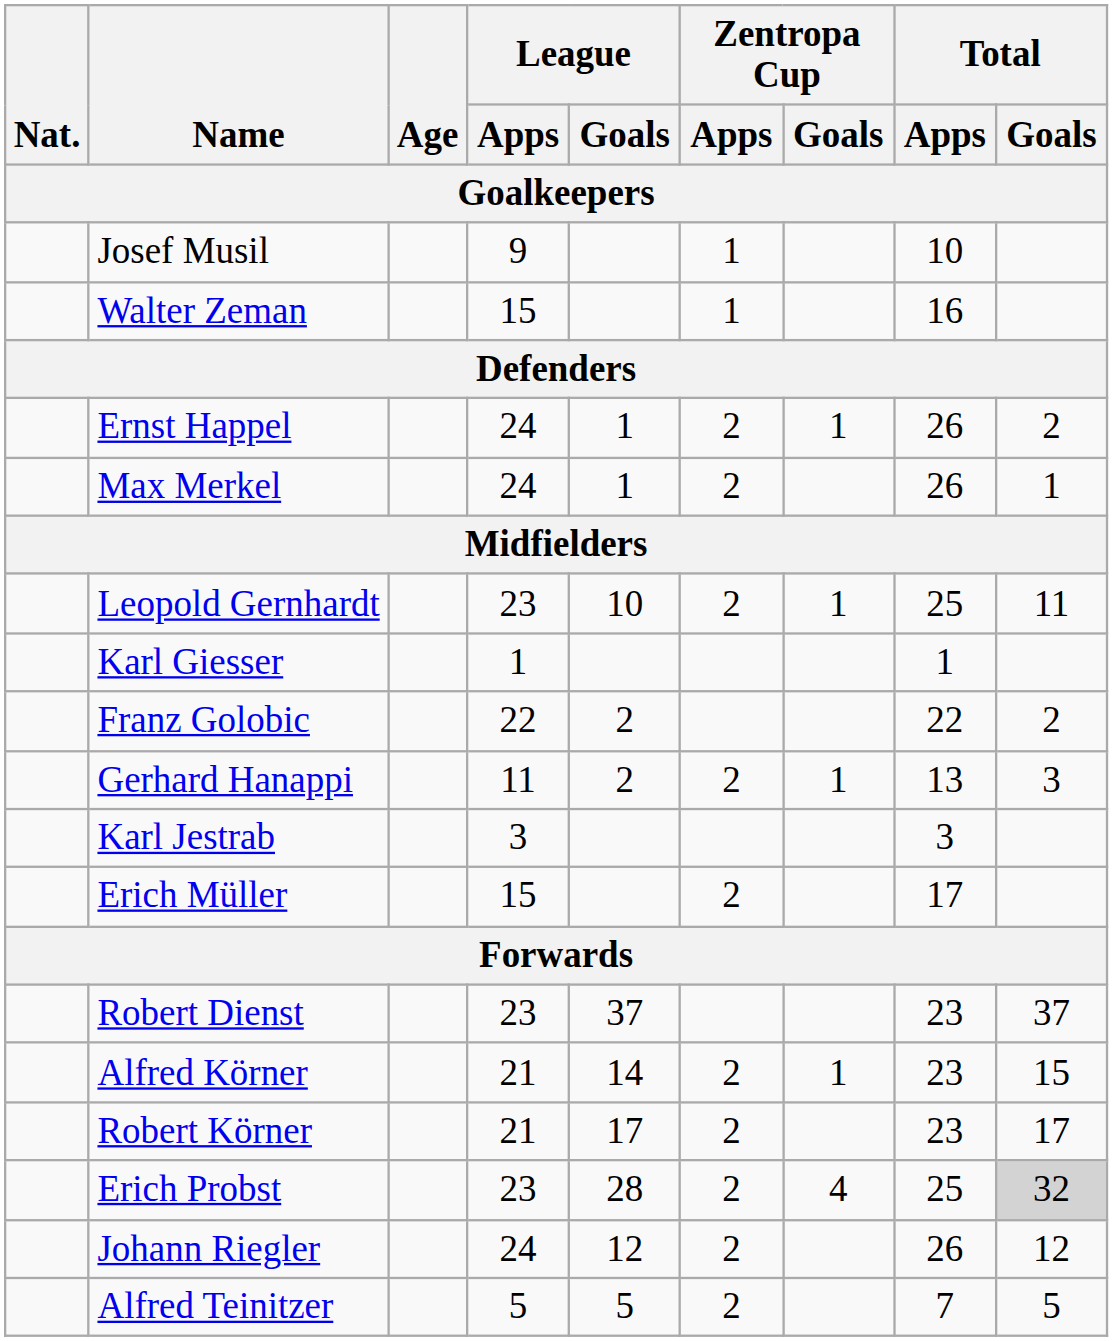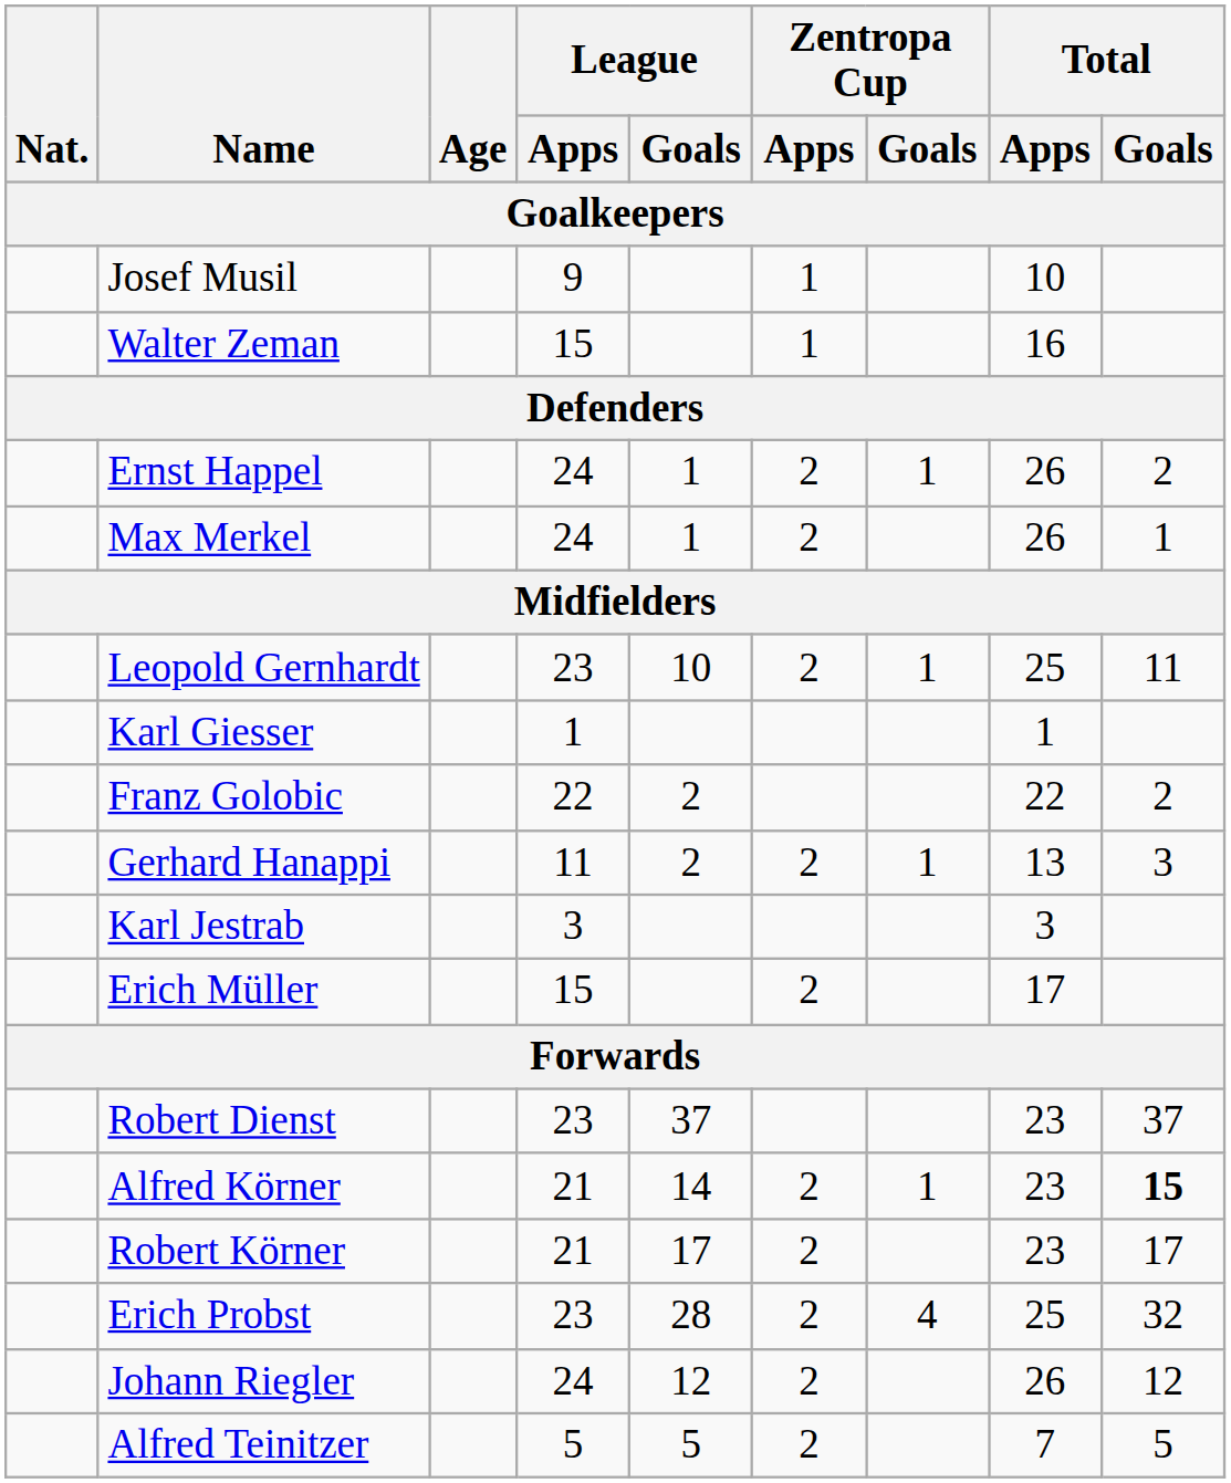 <table class="wikitable" style="text-align:center">
 <tr>
 <th rowspan="2" valign="bottom">Nat.</th>
 <th rowspan="2" valign="bottom">Name</th>
 <th rowspan="2" valign="bottom">Age</th>
 <th colspan="2" width="85">League</th>
 <th colspan="2" width="85">Zentropa Cup</th>
 <th colspan="2" width="85">Total</th>
 </tr>
 <tr>
 <th>Apps</th>
 <th>Goals</th>
 <th>Apps</th>
 <th>Goals</th>
 <th>Apps</th>
 <th>Goals</th>
 </tr>
 <tr>
 <th colspan=20>Goalkeepers</th>
 </tr>
 <tr>
 <td></td>
 <td align="left">Josef Musil</td>
 <td></td>
 <td>9</td>
 <td></td>
 <td>1</td>
 <td></td>
 <td>10</td>
 <td></td>
 </tr>
 <tr>
 <td></td>
 <td align="left"><a href='#'>Walter Zeman</a></td>
 <td></td>
 <td>15</td>
 <td></td>
 <td>1</td>
 <td></td>
 <td>16</td>
 <td></td>
 </tr>
 <tr>
 <th colspan=20>Defenders</th>
 </tr>
 <tr>
 <td></td>
 <td align="left"><a href='#'>Ernst Happel</a></td>
 <td></td>
 <td>24</td>
 <td>1</td>
 <td>2</td>
 <td>1</td>
 <td>26</td>
 <td>2</td>
 </tr>
 <tr>
 <td></td>
 <td align="left"><a href='#'>Max Merkel</a></td>
 <td></td>
 <td>24</td>
 <td>1</td>
 <td>2</td>
 <td></td>
 <td>26</td>
 <td>1</td>
 </tr>
 <tr>
 <th colspan=20>Midfielders</th>
 </tr>
 <tr>
 <td></td>
 <td align="left"><a href='#'>Leopold Gernhardt</a></td>
 <td></td>
 <td>23</td>
 <td>10</td>
 <td>2</td>
 <td>1</td>
 <td>25</td>
 <td>11</td>
 </tr>
 <tr>
 <td></td>
 <td align="left"><a href='#'>Karl Giesser</a></td>
 <td></td>
 <td>1</td>
 <td></td>
 <td></td>
 <td></td>
 <td>1</td>
 <td></td>
 </tr>
 <tr>
 <td></td>
 <td align="left"><a href='#'>Franz Golobic</a></td>
 <td></td>
 <td>22</td>
 <td>2</td>
 <td></td>
 <td></td>
 <td>22</td>
 <td>2</td>
 </tr>
 <tr>
 <td></td>
 <td align="left"><a href='#'>Gerhard Hanappi</a></td>
 <td></td>
 <td>11</td>
 <td>2</td>
 <td>2</td>
 <td>1</td>
 <td>13</td>
 <td>3</td>
 </tr>
 <tr>
 <td></td>
 <td align="left"><a href='#'>Karl Jestrab</a></td>
 <td></td>
 <td>3</td>
 <td></td>
 <td></td>
 <td></td>
 <td>3</td>
 <td></td>
 </tr>
 <tr>
 <td></td>
 <td align="left"><a href='#'>Erich Müller</a></td>
 <td></td>
 <td>15</td>
 <td></td>
 <td>2</td>
 <td></td>
 <td>17</td>
 <td></td>
 </tr>
 <tr>
 <th colspan=20>Forwards</th>
 </tr>
 <tr>
 <td></td>
 <td align="left"><a href='#'>Robert Dienst</a></td>
 <td></td>
 <td>23</td>
 <td>37</td>
 <td></td>
 <td></td>
 <td>23</td>
 <td>37</td>
 </tr>
 <tr>
 <td></td>
 <td align="left"><a href='#'>Alfred Körner</a></td>
 <td></td>
 <td>21</td>
 <td>14</td>
 <td>2</td>
 <td>1</td>
 <td>23</td>
-<td>15</td>
+<td><strong>15</strong></td>
 </tr>
 <tr>
 <td></td>
 <td align="left"><a href='#'>Robert Körner</a></td>
 <td></td>
 <td>21</td>
 <td>17</td>
 <td>2</td>
 <td></td>
 <td>23</td>
 <td>17</td>
 </tr>
 <tr>
 <td></td>
 <td align="left"><a href='#'>Erich Probst</a></td>
 <td></td>
 <td>23</td>
 <td>28</td>
 <td>2</td>
 <td>4</td>
 <td>25</td>
-<td style="background: lightgrey;">32</td>
+<td>32</td>
 </tr>
 <tr>
 <td></td>
 <td align="left"><a href='#'>Johann Riegler</a></td>
 <td></td>
 <td>24</td>
 <td>12</td>
 <td>2</td>
 <td></td>
 <td>26</td>
 <td>12</td>
 </tr>
 <tr>
 <td></td>
 <td align="left"><a href='#'>Alfred Teinitzer</a></td>
 <td></td>
 <td>5</td>
 <td>5</td>
 <td>2</td>
 <td></td>
 <td>7</td>
 <td>5</td>
 </tr>
 </table>
